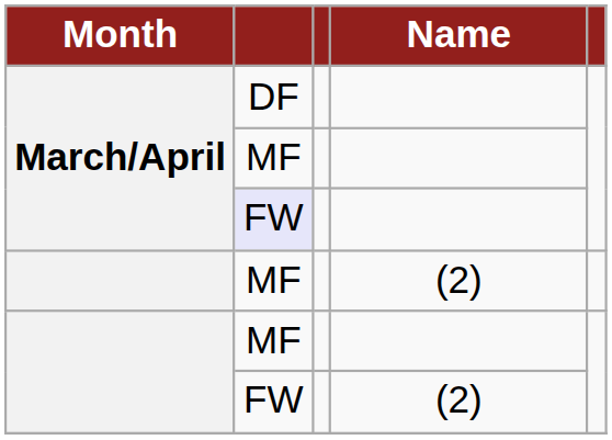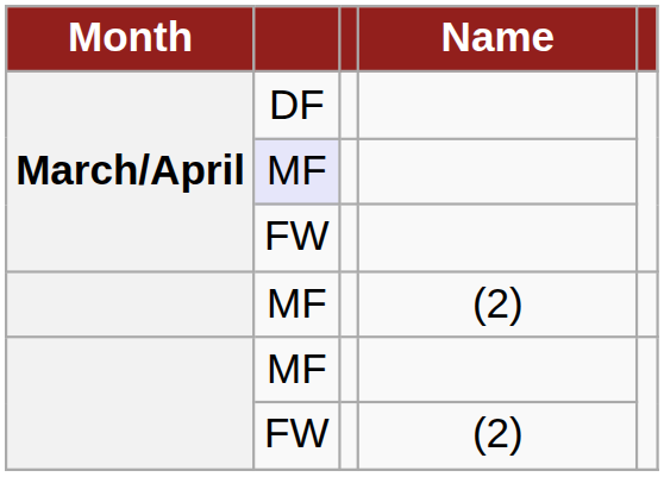 <table class="wikitable sortable" style="text-align:center;">
 <tr>
 <th style="background:#921f1c; color:#fff;" scope="col">Month</th>
 <th style="background:#921f1c; color:#fff;" scope="col"></th>
 <th style="background:#921f1c; color:#fff;" scope="col"></th>
 <th style="background:#921f1c; color:#fff; width:100px;" scope="col">Name</th>
 <th style="background:#921f1c; color:#fff;" scope="col"></th>
 </tr>
 <tr>
 <th rowspan=3 scope="row">March/April</th>
 <td>DF</td>
 <td></td>
 <td></td>
 <td rowspan=3></td>
 </tr>
 <tr>
-<td>MF</td>
+<td style="background: lavender;">MF</td>
 <td></td>
 <td></td>
 </tr>
 <tr>
-<td style="background: lavender;">FW</td>
+<td>FW</td>
 <td></td>
 <td></td>
 </tr>
 <tr>
 <th scope="row"></th>
 <td>MF</td>
 <td></td>
 <td> (2)</td>
 <td></td>
 </tr>
 <tr>
 <th rowspan=2 scope="row"></th>
 <td>MF</td>
 <td></td>
 <td></td>
 <td rowspan=2></td>
 </tr>
 <tr>
 <td>FW</td>
 <td></td>
 <td> (2)</td>
 </tr>
 <tr>
 </tr>
 </table>
